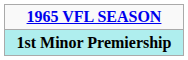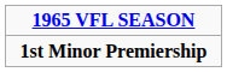 <table class="wikitable"  style="width:180px; text-align:center; float:left; margin-right:1em">
 <tr>
 <td><strong><a href='#'>1965 VFL SEASON</a></strong></td>
 </tr>
 <tr>
-<td style="background: paleturquoise;"><strong>1st Minor Premiership</strong></td>
+<td><strong>1st Minor Premiership</strong></td>
 </tr>
 </table>
